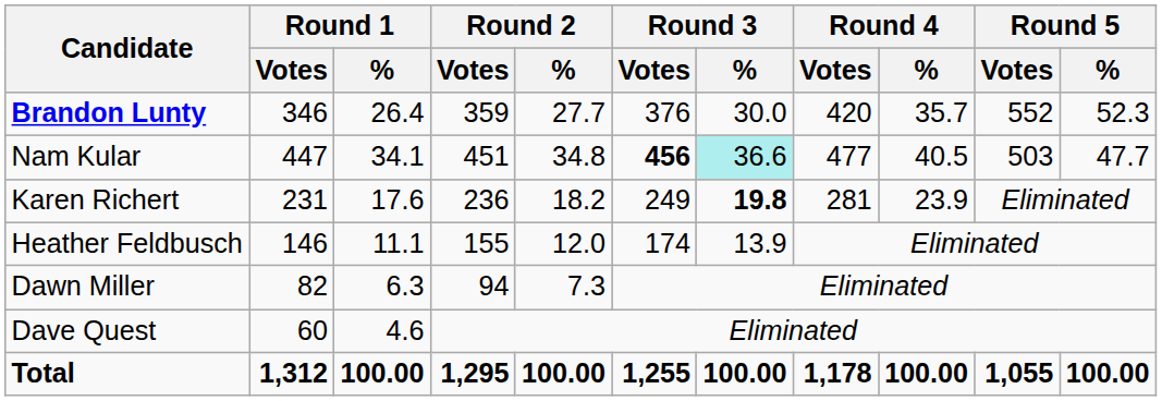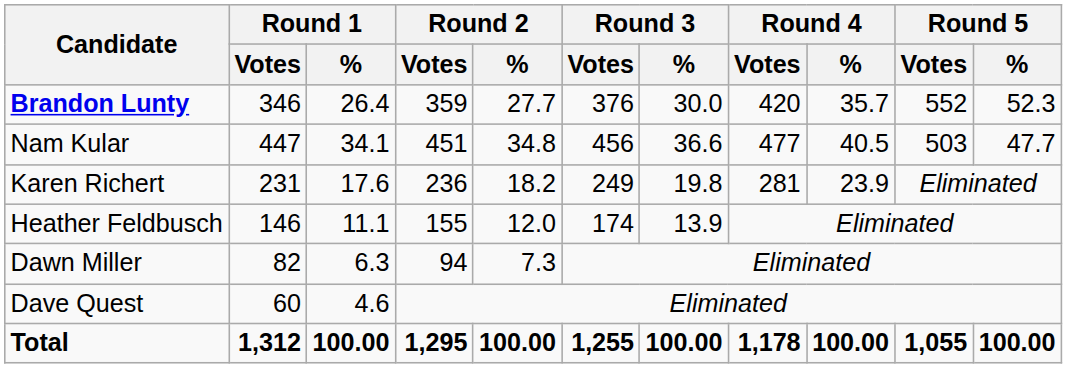 <table class="wikitable">
 <tr>
 <th rowspan=2>Candidate</th>
 <th colspan=2>Round 1</th>
 <th colspan=2>Round 2</th>
 <th colspan=2>Round 3</th>
 <th colspan=2>Round 4</th>
 <th colspan=2>Round 5</th>
 </tr>
 <tr>
 <th>Votes</th>
 <th>%</th>
 <th>Votes</th>
 <th>%</th>
 <th>Votes</th>
 <th>%</th>
 <th>Votes</th>
 <th>%</th>
 <th>Votes</th>
 <th>%</th>
 </tr>
 <tr>
 <td><strong><a href='#'>Brandon Lunty</a></strong></td>
 <td style="text-align:right">346</td>
 <td style="text-align:right">26.4</td>
 <td style="text-align:right">359</td>
 <td style="text-align:right">27.7</td>
 <td style="text-align:right">376</td>
 <td style="text-align:right">30.0</td>
 <td style="text-align:right">420</td>
 <td style="text-align:right">35.7</td>
 <td style="text-align:right">552</td>
 <td style="text-align:right">52.3</td>
 </tr>
 <tr>
 <td>Nam Kular</td>
 <td style="text-align:right">447</td>
 <td style="text-align:right">34.1</td>
 <td style="text-align:right">451</td>
 <td style="text-align:right">34.8</td>
-<td style="text-align:right"><strong>456</strong></td>
-<td style="background: paleturquoise; text-align:right">36.6</td>
+<td style="text-align:right">456</td>
+<td style="text-align:right">36.6</td>
 <td style="text-align:right">477</td>
 <td style="text-align:right">40.5</td>
 <td style="text-align:right">503</td>
 <td style="text-align:right">47.7</td>
 </tr>
 <tr>
 <td>Karen Richert</td>
 <td style="text-align:right">231</td>
 <td style="text-align:right">17.6</td>
 <td style="text-align:right">236</td>
 <td style="text-align:right">18.2</td>
 <td style="text-align:right">249</td>
-<td style="text-align:right"><strong>19.8</strong></td>
+<td style="text-align:right">19.8</td>
 <td style="text-align:right">281</td>
 <td style="text-align:right">23.9</td>
 <td colspan="6" style="text-align:center"><em>Eliminated</em></td>
 </tr>
 <tr>
 <td>Heather Feldbusch</td>
 <td style="text-align:right">146</td>
 <td style="text-align:right">11.1</td>
 <td style="text-align:right">155</td>
 <td style="text-align:right">12.0</td>
 <td style="text-align:right">174</td>
 <td style="text-align:right">13.9</td>
 <td colspan="4" style="text-align:center"><em>Eliminated</em></td>
 </tr>
 <tr>
 <td>Dawn Miller</td>
 <td style="text-align:right">82</td>
 <td style="text-align:right">6.3</td>
 <td style="text-align:right">94</td>
 <td style="text-align:right">7.3</td>
 <td colspan="6" style="text-align:center"><em>Eliminated</em></td>
 </tr>
 <tr>
 <td>Dave Quest</td>
 <td style="text-align:right">60</td>
 <td style="text-align:right">4.6</td>
 <td colspan="8" style="text-align:center"><em>Eliminated</em></td>
 </tr>
 <tr>
 <td><strong>Total</strong></td>
 <td style="text-align:right"><strong>1,312</strong></td>
 <td style="text-align:right"><strong>100.00</strong></td>
 <td style="text-align:right"><strong>1,295</strong></td>
 <td style="text-align:right"><strong>100.00</strong></td>
 <td style="text-align:right"><strong>1,255</strong></td>
 <td style="text-align:right"><strong>100.00</strong></td>
 <td style="text-align:right"><strong>1,178</strong></td>
 <td style="text-align:right"><strong>100.00</strong></td>
 <td style="text-align:right"><strong>1,055</strong></td>
 <td style="text-align:right"><strong>100.00</strong></td>
 </tr>
 </table>
